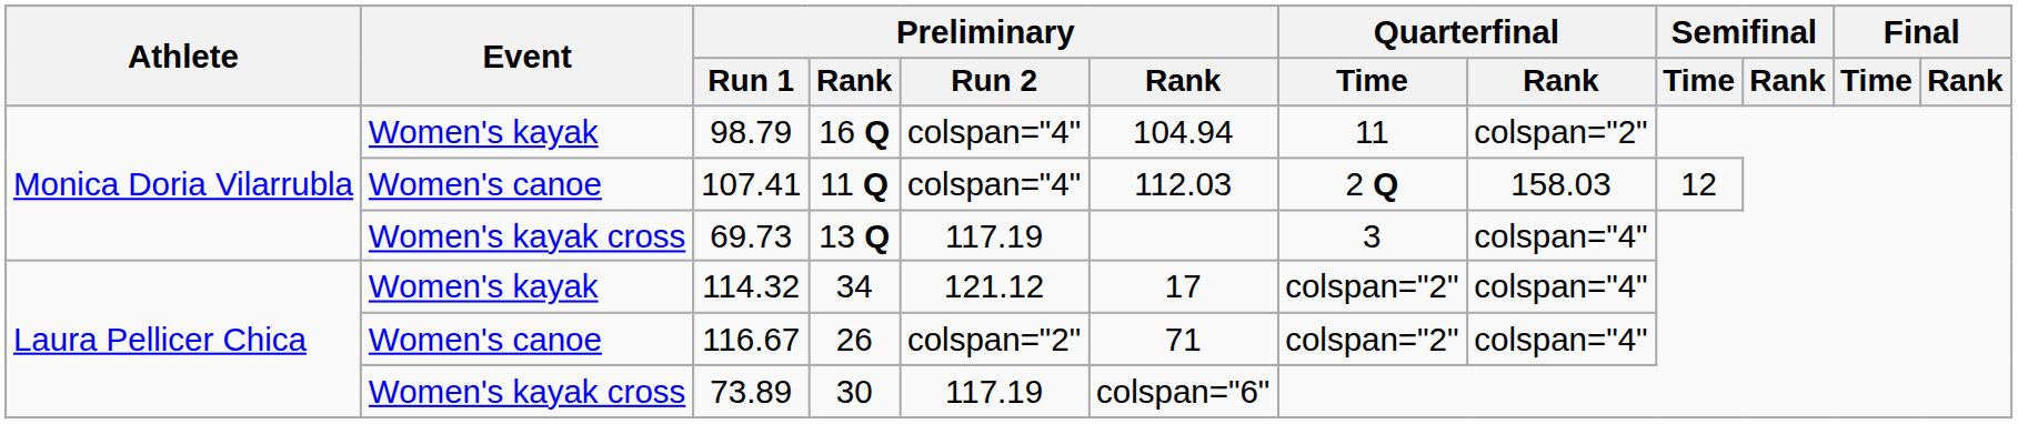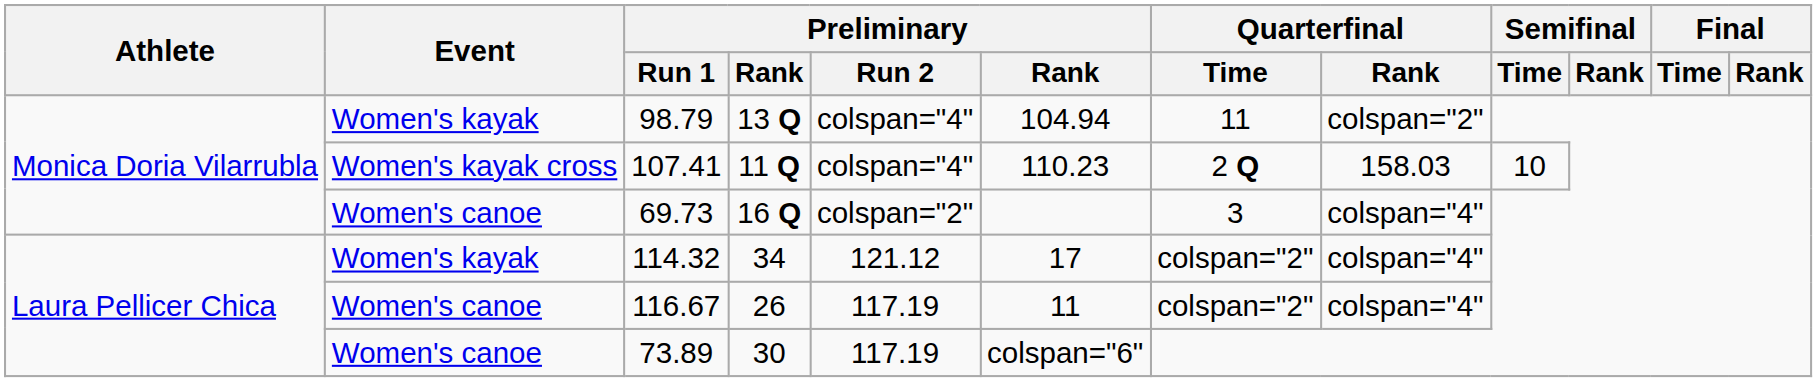 <table class="wikitable" style="font-size:90%; text-align:center">
 <tr>
 <th rowspan="2">Athlete</th>
 <th rowspan="2">Event</th>
 <th colspan="4">Preliminary</th>
 <th colspan="2">Quarterfinal</th>
 <th colspan="2">Semifinal</th>
 <th colspan="2">Final</th>
 </tr>
 <tr style="font-size:95%">
 <th>Run 1</th>
 <th>Rank</th>
 <th>Run 2</th>
 <th>Rank</th>
 <th>Time</th>
 <th>Rank</th>
 <th>Time</th>
 <th>Rank</th>
 <th>Time</th>
 <th>Rank</th>
 </tr>
 <tr>
 <td align="left" rowspan="3"><a href='#'>Monica Doria Vilarrubla</a></td>
 <td align="left"><a href='#'>Women's kayak</a></td>
 <td>98.79</td>
-<td>16 <strong>Q</strong></td>
+<td>13 <strong>Q</strong></td>
 <td>colspan="4" </td>
 <td>104.94</td>
 <td>11</td>
 <td>colspan="2" </td>
 </tr>
 <tr>
-<td align="left"><a href='#'>Women's canoe</a></td>
+<td align="left"><a href='#'>Women's kayak cross</a></td>
 <td>107.41</td>
 <td>11 <strong>Q</strong></td>
 <td>colspan="4" </td>
-<td>112.03</td>
+<td>110.23</td>
 <td>2 <strong>Q</strong></td>
 <td>158.03</td>
-<td>12</td>
+<td>10</td>
 </tr>
 <tr>
-<td align="left"><a href='#'>Women's kayak cross</a></td>
+<td align="left"><a href='#'>Women's canoe</a></td>
 <td>69.73</td>
-<td>13 <strong>Q</strong></td>
-<td>117.19</td>
+<td>16 <strong>Q</strong></td>
+<td>colspan="2" </td>
 <td></td>
 <td>3</td>
 <td>colspan="4" </td>
 </tr>
 <tr>
 <td align="left" rowspan="3"><a href='#'>Laura Pellicer Chica</a></td>
 <td align="left"><a href='#'>Women's kayak</a></td>
 <td>114.32</td>
 <td>34</td>
 <td>121.12</td>
 <td>17</td>
 <td>colspan="2" </td>
 <td>colspan="4" </td>
 </tr>
 <tr>
 <td align="left"><a href='#'>Women's canoe</a></td>
 <td>116.67</td>
 <td>26</td>
-<td>colspan="2" </td>
-<td>71</td>
+<td>117.19</td>
+<td>11</td>
 <td>colspan="2" </td>
 <td>colspan="4" </td>
 </tr>
 <tr>
-<td align="left"><a href='#'>Women's kayak cross</a></td>
+<td align="left"><a href='#'>Women's canoe</a></td>
 <td>73.89</td>
 <td>30</td>
 <td>117.19</td>
 <td>colspan="6" </td>
 </tr>
 </table>
